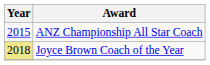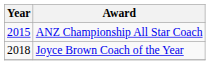 <table class="wikitable collapsible">
 <tr>
 <th>Year</th>
 <th>Award</th>
 </tr>
 <tr>
 <td><a href='#'>2015</a></td>
 <td><a href='#'>ANZ Championship All Star Coach</a></td>
 </tr>
 <tr>
-<td style="background: khaki;">2018</td>
+<td>2018</td>
 <td><a href='#'>Joyce Brown Coach of the Year</a></td>
 </tr>
 <tr>
 </tr>
 </table>
